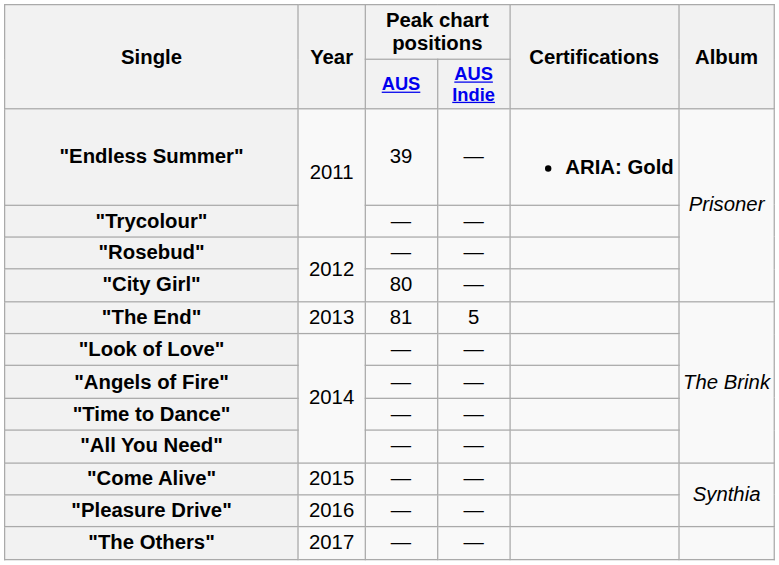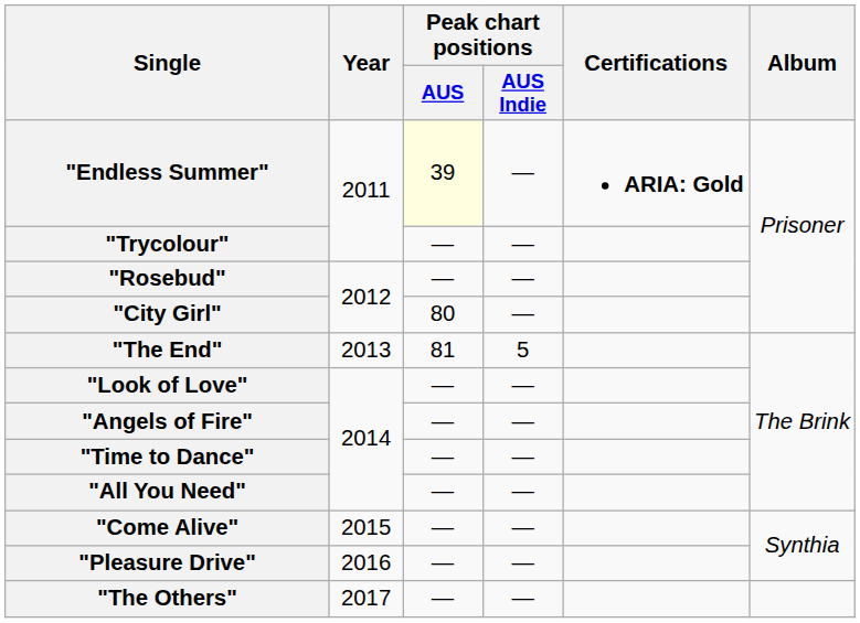 <table class="wikitable plainrowheaders" style="text-align:center;">
 <tr>
 <th scope="col" rowspan="2" style="width:14em;">Single</th>
 <th scope="col" rowspan="2" style="width:2.8em;">Year</th>
 <th scope="col" colspan="2">Peak chart positions</th>
 <th scope="col" rowspan="2">Certifications</th>
 <th scope="col" rowspan="2">Album</th>
 </tr>
 <tr>
 <th scope="col" style="width:3.5em; font-size:90%;"><a href='#'>AUS</a><br></th>
 <th scope="col" style="width:3.5em; font-size:90%;"><a href='#'>AUS<br>Indie</a><br></th>
 </tr>
 <tr>
 <th scope="row">"Endless Summer"</th>
 <td rowspan="2">2011</td>
-<td>39</td>
+<td style="background: lightyellow;">39</td>
 <td>—</td>
 <td><strong><br><ul><li>ARIA: Gold</li></ul></strong></td>
 <td rowspan="4"><em>Prisoner</em></td>
 </tr>
 <tr>
 <th scope="row">"Trycolour"</th>
 <td>—</td>
 <td>—</td>
 <td></td>
 </tr>
 <tr>
 <th scope="row">"Rosebud"</th>
 <td rowspan="2">2012</td>
 <td>—</td>
 <td>—</td>
 <td></td>
 </tr>
 <tr>
 <th scope="row">"City Girl"</th>
 <td>80</td>
 <td>—</td>
 <td></td>
 </tr>
 <tr>
 <th scope="row">"The End"</th>
 <td>2013</td>
 <td>81</td>
 <td>5</td>
 <td></td>
 <td rowspan="5"><em>The Brink</em></td>
 </tr>
 <tr>
 <th scope="row">"Look of Love"</th>
 <td rowspan="4">2014</td>
 <td>—</td>
 <td>—</td>
 <td></td>
 </tr>
 <tr>
 <th scope="row">"Angels of Fire"</th>
 <td>—</td>
 <td>—</td>
 <td></td>
 </tr>
 <tr>
 <th scope="row">"Time to Dance"</th>
 <td>—</td>
 <td>—</td>
 <td></td>
 </tr>
 <tr>
 <th scope="row">"All You Need"</th>
 <td>—</td>
 <td>—</td>
 <td></td>
 </tr>
 <tr>
 <th scope="row">"Come Alive"</th>
 <td>2015</td>
 <td>—</td>
 <td>—</td>
 <td></td>
 <td rowspan="2"><em>Synthia</em></td>
 </tr>
 <tr>
 <th scope="row">"Pleasure Drive"</th>
 <td>2016</td>
 <td>—</td>
 <td>—</td>
 <td></td>
 </tr>
 <tr>
 <th scope="row">"The Others"</th>
 <td>2017</td>
 <td>—</td>
 <td>—</td>
 <td></td>
 <td></td>
 </tr>
 </table>
